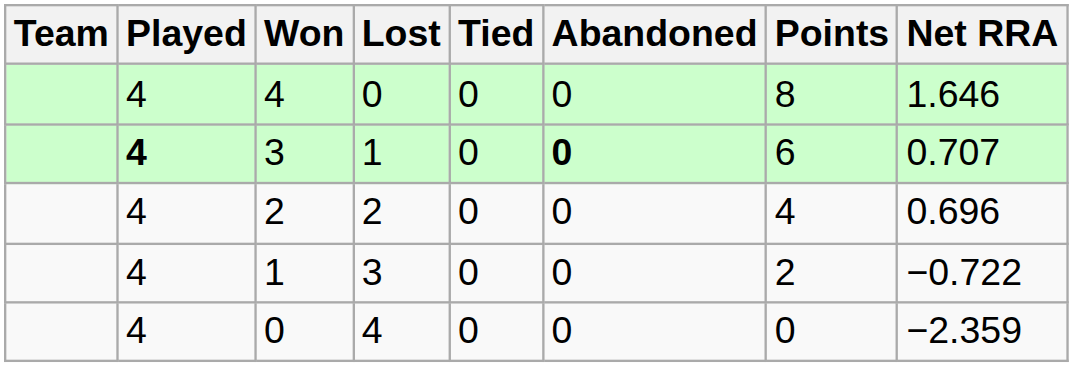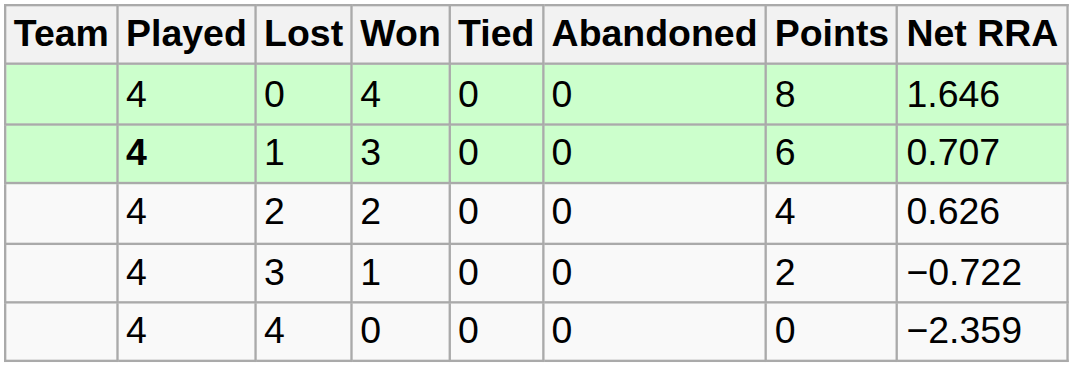 <table class="wikitable">
 <tr>
 <th>Team</th>
 <th>Played</th>
+<th>Lost</th>
 <th>Won</th>
-<th>Lost</th>
 <th>Tied</th>
 <th>Abandoned</th>
 <th>Points</th>
 <th>Net RRA</th>
 </tr>
 <tr style="background:#cfc;">
 <td></td>
 <td>4</td>
+<td>0</td>
 <td>4</td>
-<td>0</td>
 <td>0</td>
 <td>0</td>
 <td>8</td>
 <td>1.646</td>
 </tr>
 <tr style="background:#cfc;">
 <td></td>
 <td><strong>4</strong></td>
+<td>1</td>
 <td>3</td>
-<td>1</td>
 <td>0</td>
-<td><strong>0</strong></td>
+<td>0</td>
 <td>6</td>
 <td>0.707</td>
 </tr>
 <tr>
 <td></td>
 <td>4</td>
 <td>2</td>
 <td>2</td>
 <td>0</td>
 <td>0</td>
 <td>4</td>
-<td>0.696</td>
+<td>0.626</td>
 </tr>
 <tr>
 <td></td>
 <td>4</td>
+<td>3</td>
 <td>1</td>
-<td>3</td>
 <td>0</td>
 <td>0</td>
 <td>2</td>
 <td>−0.722</td>
 </tr>
 <tr>
 <td></td>
 <td>4</td>
+<td>4</td>
 <td>0</td>
-<td>4</td>
 <td>0</td>
 <td>0</td>
 <td>0</td>
 <td>−2.359</td>
 </tr>
 </table>
